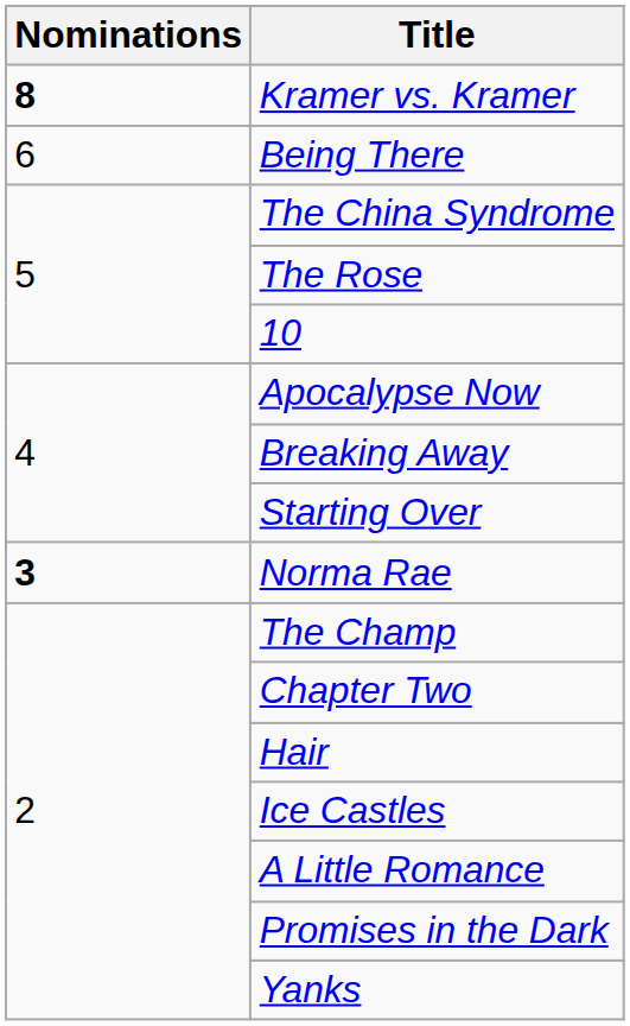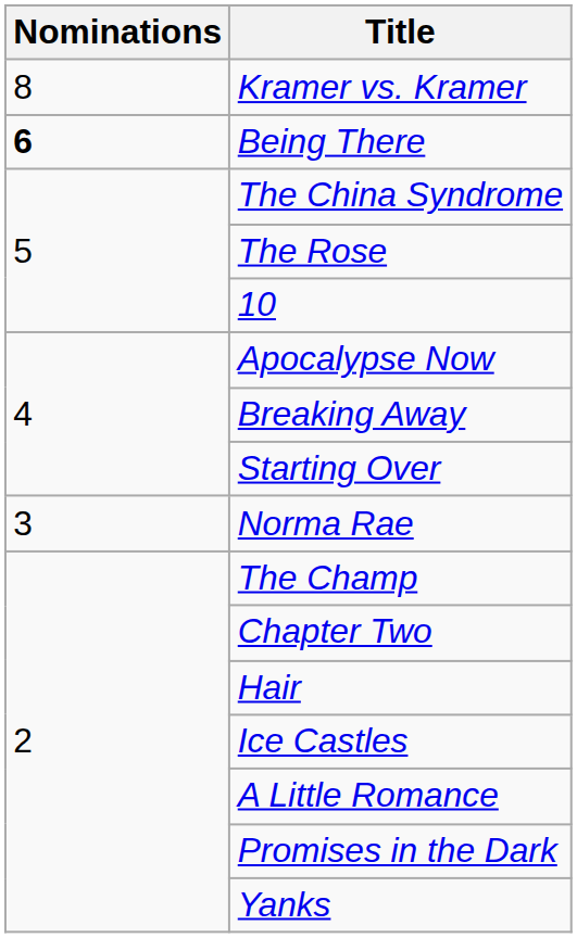 <table class="wikitable">
 <tr>
 <th>Nominations</th>
 <th>Title</th>
 </tr>
 <tr>
-<td><strong>8</strong></td>
+<td>8</td>
 <td><em><a href='#'>Kramer vs. Kramer</a></em></td>
 </tr>
 <tr>
-<td>6</td>
+<td><strong>6</strong></td>
 <td><em><a href='#'>Being There</a></em></td>
 </tr>
 <tr>
 <td rowspan="3">5</td>
 <td><em><a href='#'>The China Syndrome</a></em></td>
 </tr>
 <tr>
 <td><em><a href='#'>The Rose</a></em></td>
 </tr>
 <tr>
 <td><em><a href='#'>10</a></em></td>
 </tr>
 <tr>
 <td rowspan="3">4</td>
 <td><em><a href='#'>Apocalypse Now</a></em></td>
 </tr>
 <tr>
 <td><em><a href='#'>Breaking Away</a></em></td>
 </tr>
 <tr>
 <td><em><a href='#'>Starting Over</a></em></td>
 </tr>
 <tr>
-<td><strong>3</strong></td>
+<td>3</td>
 <td><em><a href='#'>Norma Rae</a></em></td>
 </tr>
 <tr>
 <td rowspan="7">2</td>
 <td><em><a href='#'>The Champ</a></em></td>
 </tr>
 <tr>
 <td><em><a href='#'>Chapter Two</a></em></td>
 </tr>
 <tr>
 <td><em><a href='#'>Hair</a></em></td>
 </tr>
 <tr>
 <td><em><a href='#'>Ice Castles</a></em></td>
 </tr>
 <tr>
 <td><em><a href='#'>A Little Romance</a></em></td>
 </tr>
 <tr>
 <td><em><a href='#'>Promises in the Dark</a></em></td>
 </tr>
 <tr>
 <td><em><a href='#'>Yanks</a></em></td>
 </tr>
 </table>
